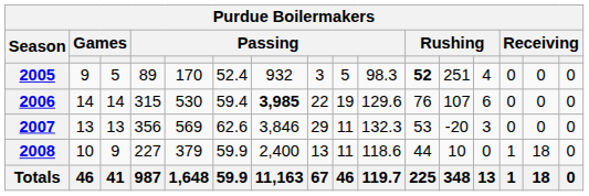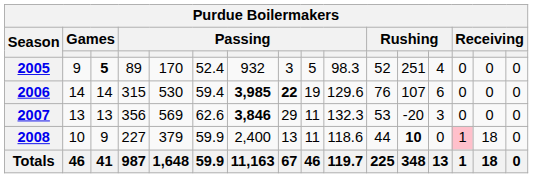 <table class="wikitable" style="text-align:center;">
 <tr>
 <th colspan="16">Purdue Boilermakers</th>
 </tr>
 <tr>
 <th rowspan="2">Season</th>
 <th colspan="2">Games</th>
 <th colspan="7">Passing</th>
 <th colspan="3">Rushing</th>
 <th colspan="3">Receiving</th>
 </tr>
 <tr>
 <th></th>
 <th></th>
 <th></th>
 <th></th>
 <th></th>
 <th></th>
 <th></th>
 <th></th>
 <th></th>
 <th></th>
 <th></th>
 <th></th>
 <th></th>
 <th></th>
 <th></th>
 </tr>
 <tr>
 <th><a href='#'>2005</a></th>
 <td>9</td>
-<td>5</td>
+<td><strong>5</strong></td>
 <td>89</td>
 <td>170</td>
 <td>52.4</td>
 <td>932</td>
 <td>3</td>
 <td>5</td>
 <td>98.3</td>
-<td><strong>52</strong></td>
+<td>52</td>
 <td>251</td>
 <td>4</td>
 <td>0</td>
 <td>0</td>
 <td>0</td>
 </tr>
 <tr>
 <th><a href='#'>2006</a></th>
 <td>14</td>
 <td>14</td>
 <td>315</td>
 <td>530</td>
 <td>59.4</td>
 <td><strong>3,985</strong></td>
-<td>22</td>
+<td><strong>22</strong></td>
 <td>19</td>
 <td>129.6</td>
 <td>76</td>
 <td>107</td>
 <td>6</td>
 <td>0</td>
 <td>0</td>
 <td>0</td>
 </tr>
 <tr>
 <th><a href='#'>2007</a></th>
 <td>13</td>
 <td>13</td>
 <td>356</td>
 <td>569</td>
 <td>62.6</td>
-<td>3,846</td>
+<td><strong>3,846</strong></td>
 <td>29</td>
 <td>11</td>
 <td>132.3</td>
 <td>53</td>
 <td>-20</td>
 <td>3</td>
 <td>0</td>
 <td>0</td>
 <td>0</td>
 </tr>
 <tr>
 <th><a href='#'>2008</a></th>
 <td>10</td>
 <td>9</td>
 <td>227</td>
 <td>379</td>
 <td>59.9</td>
 <td>2,400</td>
 <td>13</td>
 <td>11</td>
 <td>118.6</td>
 <td>44</td>
-<td>10</td>
+<td><strong>10</strong></td>
 <td>0</td>
-<td>1</td>
+<td style="background: pink;">1</td>
 <td>18</td>
 <td>0</td>
 </tr>
 <tr>
 <th>Totals</th>
 <th>46</th>
 <th>41</th>
 <th>987</th>
 <th>1,648</th>
 <th>59.9</th>
 <th>11,163</th>
 <th>67</th>
 <th>46</th>
 <th>119.7</th>
 <th>225</th>
 <th>348</th>
 <th>13</th>
 <th>1</th>
 <th>18</th>
 <th>0</th>
 </tr>
 </table>
